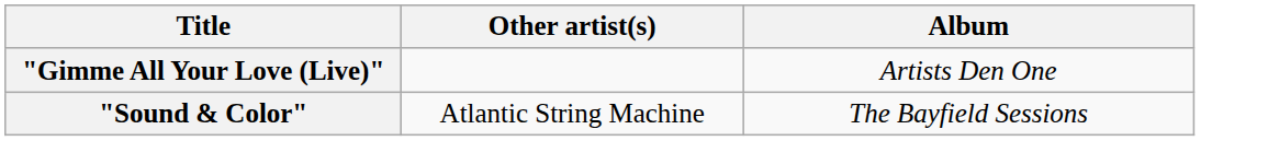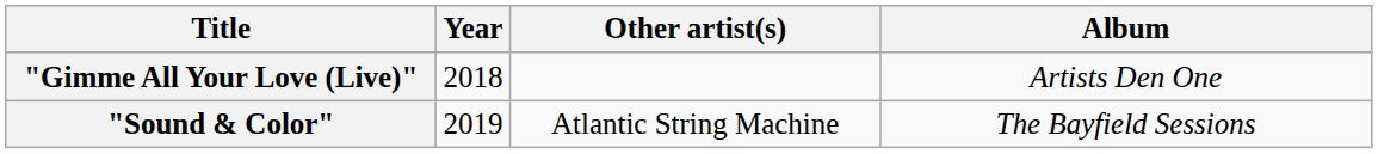 <table class="wikitable plainrowheaders" style="text-align:center;">
 <tr>
 <th scope="col" style="width:14em;">Title</th>
+<th scope="col" style="width:2em;">Year</th>
 <th scope="col" style="width:12em;">Other artist(s)</th>
 <th scope="col" style="width:16em;">Album</th>
 </tr>
 <tr>
 <th scope="row">"Gimme All Your Love (Live)"</th>
+<td>2018</td>
 <td></td>
 <td><em>Artists Den One</em></td>
 </tr>
 <tr>
 <th scope="row">"Sound & Color"</th>
+<td>2019</td>
 <td>Atlantic String Machine</td>
 <td><em>The Bayfield Sessions</em></td>
 </tr>
 </table>
